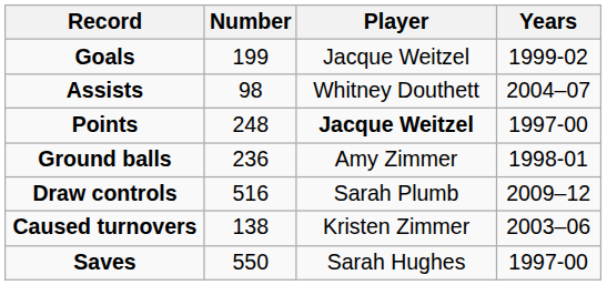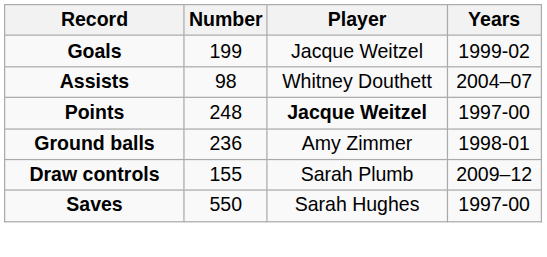 <table class="wikitable">
 <tr>
 <th style="width:140px; ">Record</th>
 <th style="width:35px; ">Number</th>
 <th style="width:140px; ">Player</th>
 <th style="width:70px; ">Years</th>
 </tr>
 <tr style="text-align:center;">
 <td><strong>Goals</strong></td>
 <td>199</td>
 <td>Jacque Weitzel</td>
 <td>1999-02</td>
 </tr>
 <tr style="text-align:center;">
 <td><strong>Assists</strong></td>
 <td>98</td>
 <td>Whitney Douthett</td>
 <td>2004–07</td>
 </tr>
 <tr style="text-align:center;">
 <td><strong>Points</strong></td>
 <td>248</td>
 <td><strong>Jacque Weitzel</strong></td>
 <td>1997-00</td>
 </tr>
 <tr style="text-align:center;">
 <td><strong>Ground balls</strong></td>
 <td>236</td>
 <td>Amy Zimmer</td>
 <td>1998-01</td>
 </tr>
 <tr style="text-align:center;">
 <td><strong>Draw controls</strong></td>
-<td>516</td>
+<td>155</td>
 <td>Sarah Plumb</td>
 <td>2009–12</td>
-</tr>
-<tr style="text-align:center;">
-<td><strong>Caused turnovers</strong></td>
-<td>138</td>
-<td>Kristen Zimmer</td>
-<td>2003–06</td>
 </tr>
 <tr style="text-align:center;">
 <td><strong>Saves</strong></td>
 <td>550</td>
 <td>Sarah Hughes</td>
 <td>1997-00</td>
 </tr>
 </table>
